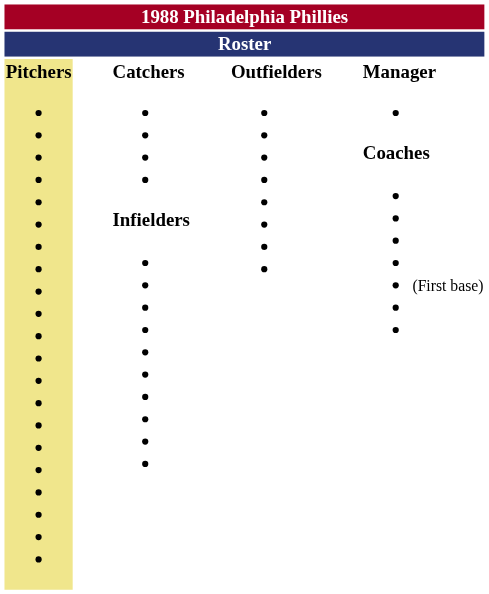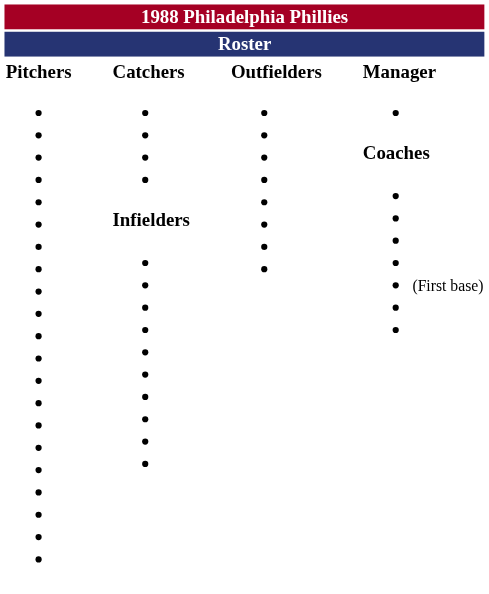 <table class="toccolours" style="font-size: 95%;">
 <tr>
 <th colspan="10" style="background-color: #A50024; color: white; text-align: center;">1988 Philadelphia Phillies</th>
 </tr>
 <tr>
 <td colspan="10" style="background-color: #263473; color: white; text-align: center;"><strong>Roster</strong></td>
 </tr>
 <tr>
-<td valign="top" style="background: khaki;"><strong>Pitchers</strong><br><ul><li></li><li></li><li></li><li></li><li></li><li></li><li></li><li></li><li></li><li></li><li></li><li></li><li></li><li></li><li></li><li></li><li></li><li></li><li></li><li></li><li></li></ul></td>
+<td valign="top"><strong>Pitchers</strong><br><ul><li></li><li></li><li></li><li></li><li></li><li></li><li></li><li></li><li></li><li></li><li></li><li></li><li></li><li></li><li></li><li></li><li></li><li></li><li></li><li></li><li></li></ul></td>
 <td width="25px"></td>
 <td valign="top"><strong>Catchers</strong><br><ul><li></li><li></li><li></li><li></li></ul><strong>Infielders</strong><ul><li></li><li></li><li></li><li></li><li></li><li></li><li></li><li></li><li></li><li></li></ul></td>
 <td width="25px"></td>
 <td valign="top"><strong>Outfielders</strong><br><ul><li></li><li></li><li></li><li></li><li></li><li></li><li></li><li></li></ul></td>
 <td width="25px"></td>
 <td valign="top"><strong>Manager</strong><br><ul><li></li></ul><strong>Coaches</strong><ul><li></li><li></li><li></li><li></li><li> <small>(First base)</small></li><li></li><li></li></ul></td>
 </tr>
 <tr>
 </tr>
 </table>
